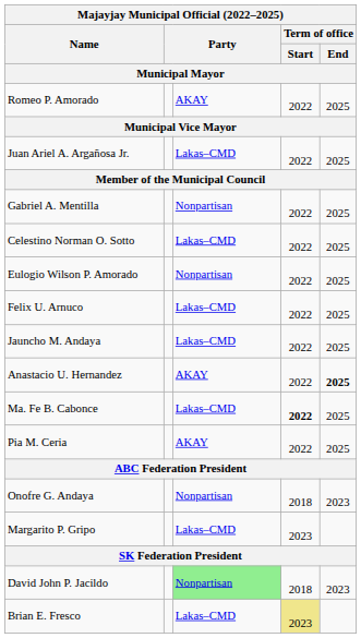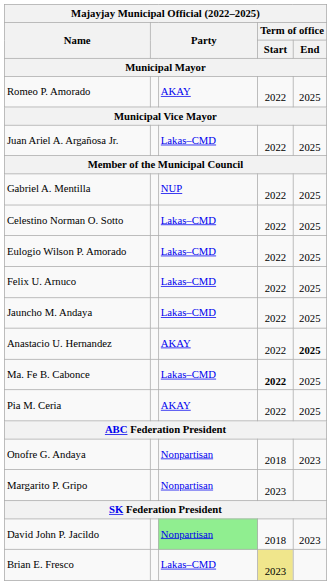 <table class="wikitable" style="font-size:88%; text-align:center;">
 <tr>
 <th colspan="7">Majayjay Municipal Official (2022–2025)</th>
 </tr>
 <tr>
 <th rowspan="2" style="width:185px;">Name</th>
 <th rowspan="2" colspan="2" style="width:135px;">Party</th>
 <th colspan="2">Term of office</th>
 </tr>
 <tr>
 <th>Start</th>
 <th>End</th>
 </tr>
 <tr>
 <th colspan="7">Municipal Mayor</th>
 </tr>
 <tr>
 <td style="text-align:left;">Romeo P. Amorado</td>
 <td style="background:"></td>
 <td style="text-align:left;"><a href='#'>AKAY</a></td>
 <td><br>2022</td>
 <td><br>2025</td>
 </tr>
 <tr>
 <th colspan="7">Municipal Vice Mayor</th>
 </tr>
 <tr>
 <td style="text-align:left;">Juan Ariel A. Argañosa Jr.</td>
 <td style="background:"></td>
 <td style="text-align:left;"><a href='#'>Lakas–CMD</a></td>
 <td><br>2022</td>
 <td><br>2025</td>
 </tr>
 <tr>
 <th colspan="7">Member of the Municipal Council</th>
 </tr>
 <tr>
 <td style="text-align:left;">Gabriel A. Mentilla</td>
 <td style="background:"></td>
-<td style="text-align:left;"><a href='#'>Nonpartisan</a><br></td>
+<td style="text-align:left;"><a href='#'>NUP</a></td>
 <td><br>2022</td>
 <td><br>2025</td>
 </tr>
 <tr>
 <td style="text-align:left;">Celestino Norman O. Sotto</td>
 <td style="background:"></td>
 <td style="text-align:left;"><a href='#'>Lakas–CMD</a></td>
 <td><br>2022</td>
 <td><br>2025</td>
 </tr>
 <tr>
 <td style="text-align:left;">Eulogio Wilson P. Amorado</td>
 <td style="background:"></td>
-<td style="text-align:left;"><a href='#'>Nonpartisan</a><br></td>
+<td style="text-align:left;"><a href='#'>Lakas–CMD</a></td>
 <td><br>2022</td>
 <td><br>2025</td>
 </tr>
 <tr>
 <td style="text-align:left;">Felix U. Arnuco</td>
 <td style="background:"></td>
 <td style="text-align:left;"><a href='#'>Lakas–CMD</a></td>
 <td><br>2022</td>
 <td><br>2025</td>
 </tr>
 <tr>
 <td style="text-align:left;">Jauncho M. Andaya</td>
 <td style="background:"></td>
 <td style="text-align:left;"><a href='#'>Lakas–CMD</a></td>
 <td><br>2022</td>
 <td><br>2025</td>
 </tr>
 <tr>
 <td style="text-align:left;">Anastacio U. Hernandez</td>
 <td style="background:"></td>
 <td style="text-align:left;"><a href='#'>AKAY</a></td>
 <td><br>2022</td>
 <td><strong><br>2025</strong></td>
 </tr>
 <tr>
 <td style="text-align:left;">Ma. Fe B. Cabonce</td>
 <td style="background:"></td>
 <td style="text-align:left;"><a href='#'>Lakas–CMD</a></td>
 <td><strong><br>2022</strong></td>
 <td><br>2025</td>
 </tr>
 <tr>
 <td style="text-align:left;">Pia M. Ceria</td>
 <td style="background:"></td>
 <td style="text-align:left;"><a href='#'>AKAY</a></td>
 <td><br>2022</td>
 <td><br>2025</td>
 </tr>
 <tr>
 <th colspan="7"><a href='#'>ABC</a> Federation President</th>
 </tr>
 <tr>
 <td style="text-align:left;">Onofre G. Andaya</td>
 <td style="background:"></td>
 <td style="text-align:left;"><a href='#'>Nonpartisan</a><br></td>
 <td><br>2018</td>
 <td><br>2023</td>
 </tr>
 <tr>
 <td style="text-align:left;">Margarito P. Gripo</td>
 <td style="background:"></td>
-<td style="text-align:left;"><a href='#'>Lakas–CMD</a></td>
+<td style="text-align:left;"><a href='#'>Nonpartisan</a><br></td>
 <td><br>2023</td>
 <td></td>
 </tr>
 <tr>
 <th colspan="7"><a href='#'>SK</a> Federation President</th>
 </tr>
 <tr>
 <td style="text-align:left;">David John P. Jacildo</td>
 <td style="background:"></td>
 <td style="background: lightgreen; text-align:left;"><a href='#'>Nonpartisan</a><br></td>
 <td><br>2018</td>
 <td><br>2023</td>
 </tr>
 <tr>
 <td style="text-align:left;">Brian E. Fresco</td>
 <td style="background:"></td>
 <td style="text-align:left;"><a href='#'>Lakas–CMD</a></td>
 <td style="background: khaki;"><br>2023</td>
 <td></td>
 </tr>
 </table>
